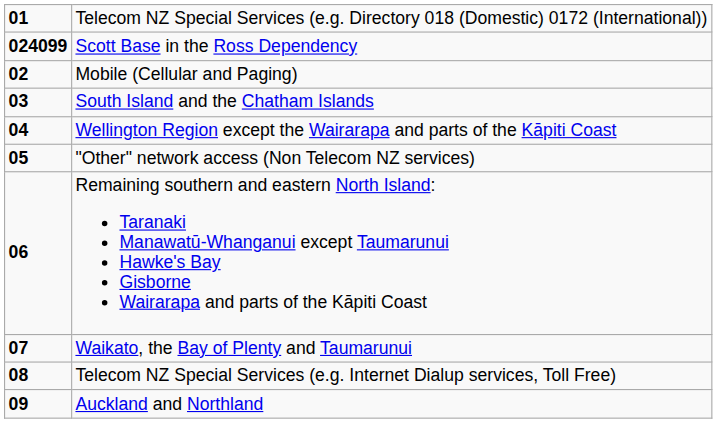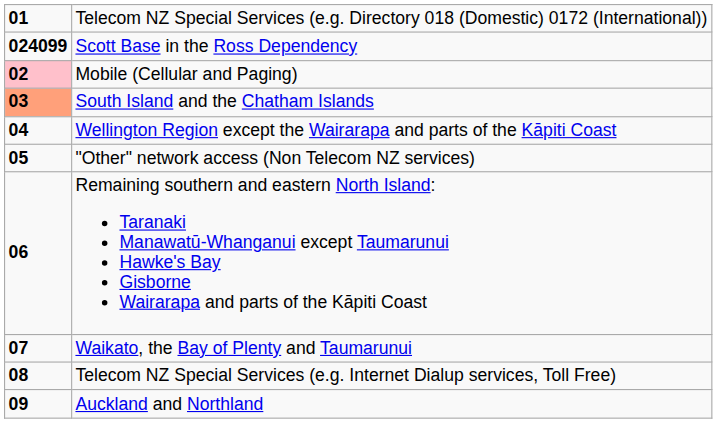 <table class="wikitable">
 <tr>
 <td><strong>01</strong></td>
 <td>Telecom NZ Special Services (e.g. Directory 018 (Domestic) 0172 (International))</td>
 </tr>
 <tr>
 <td><strong>024099</strong></td>
 <td><a href='#'>Scott Base</a> in the <a href='#'>Ross Dependency</a></td>
 </tr>
 <tr>
-<td><strong>02</strong></td>
+<td style="background: pink;"><strong>02</strong></td>
 <td>Mobile (Cellular and Paging)</td>
 </tr>
 <tr>
-<td><strong>03</strong></td>
+<td style="background: lightsalmon;"><strong>03</strong></td>
 <td><a href='#'>South Island</a> and the <a href='#'>Chatham Islands</a></td>
 </tr>
 <tr>
 <td><strong>04</strong></td>
 <td><a href='#'>Wellington Region</a> except the <a href='#'>Wairarapa</a> and parts of the <a href='#'>Kāpiti Coast</a></td>
 </tr>
 <tr>
 <td><strong>05</strong></td>
 <td>"Other" network access (Non Telecom NZ services)</td>
 </tr>
 <tr>
 <td><strong>06</strong></td>
 <td>Remaining southern and eastern <a href='#'>North Island</a>:<br><ul><li><a href='#'>Taranaki</a></li><li><a href='#'>Manawatū-Whanganui</a> except <a href='#'>Taumarunui</a></li><li><a href='#'>Hawke's Bay</a></li><li><a href='#'>Gisborne</a></li><li><a href='#'>Wairarapa</a> and parts of the Kāpiti Coast</li></ul></td>
 </tr>
 <tr>
 <td><strong>07</strong></td>
 <td><a href='#'>Waikato</a>, the <a href='#'>Bay of Plenty</a> and <a href='#'>Taumarunui</a></td>
 </tr>
 <tr>
 <td><strong>08</strong></td>
 <td>Telecom NZ Special Services (e.g. Internet Dialup services, Toll Free)</td>
 </tr>
 <tr>
 <td><strong>09</strong></td>
 <td><a href='#'>Auckland</a> and <a href='#'>Northland</a></td>
 </tr>
 </table>
